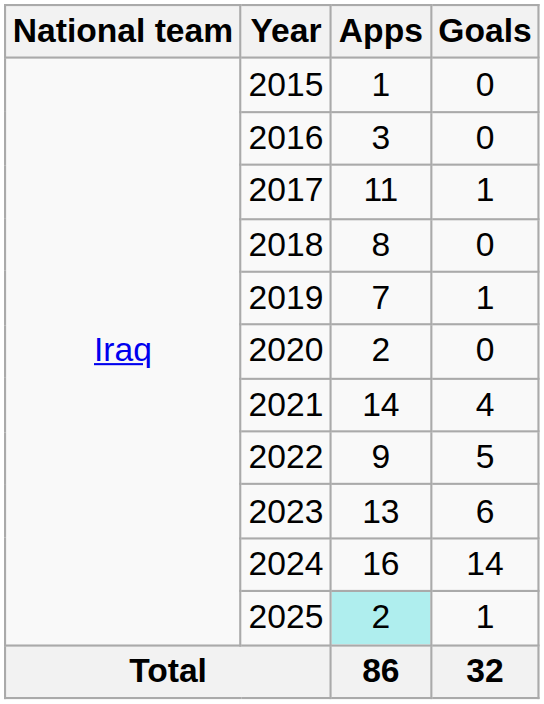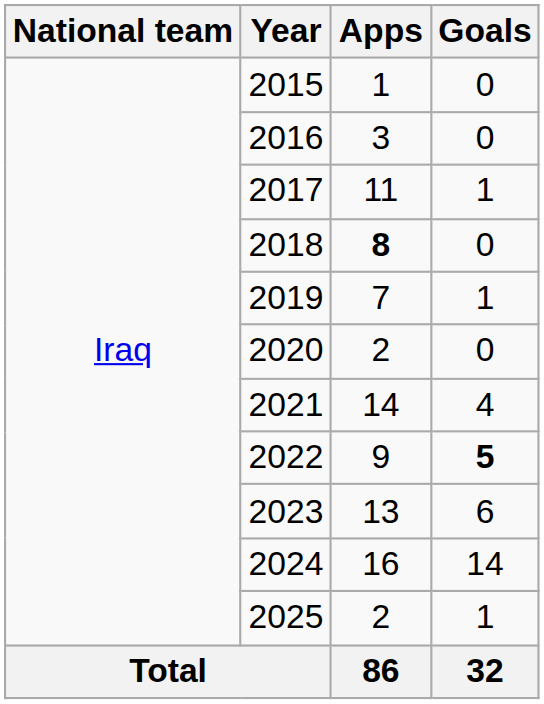 <table class="wikitable" style="text-align:center">
 <tr>
 <th>National team</th>
 <th>Year</th>
 <th>Apps</th>
 <th>Goals</th>
 </tr>
 <tr>
 <td rowspan="11"><a href='#'>Iraq</a></td>
 <td>2015</td>
 <td>1</td>
 <td>0</td>
 </tr>
 <tr>
 <td>2016</td>
 <td>3</td>
 <td>0</td>
 </tr>
 <tr>
 <td>2017</td>
 <td>11</td>
 <td>1</td>
 </tr>
 <tr>
 <td>2018</td>
-<td>8</td>
+<td><strong>8</strong></td>
 <td>0</td>
 </tr>
 <tr>
 <td>2019</td>
 <td>7</td>
 <td>1</td>
 </tr>
 <tr>
 <td>2020</td>
 <td>2</td>
 <td>0</td>
 </tr>
 <tr>
 <td>2021</td>
 <td>14</td>
 <td>4</td>
 </tr>
 <tr>
 <td>2022</td>
 <td>9</td>
-<td>5</td>
+<td><strong>5</strong></td>
 </tr>
 <tr>
 <td>2023</td>
 <td>13</td>
 <td>6</td>
 </tr>
 <tr>
 <td>2024</td>
 <td>16</td>
 <td>14</td>
 </tr>
 <tr>
 <td>2025</td>
-<td style="background: paleturquoise;">2</td>
+<td>2</td>
 <td>1</td>
 </tr>
 <tr>
 <th colspan="2">Total</th>
 <th>86</th>
 <th>32</th>
 </tr>
 </table>
